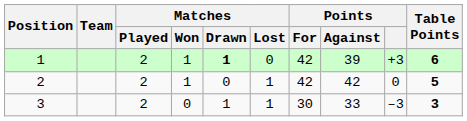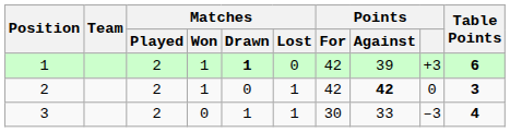 <table class="wikitable" style="text-align:center">
 <tr>
 <th rowspan="2">Position</th>
 <th rowspan="2">Team</th>
 <th colspan="4">Matches</th>
 <th colspan="3">Points</th>
 <th rowspan="2">Table<br>Points</th>
 </tr>
 <tr>
 <th>Played</th>
 <th>Won</th>
 <th>Drawn</th>
 <th>Lost</th>
 <th>For</th>
 <th>Against</th>
 <th></th>
 </tr>
 <tr bgcolor="ccffcc">
 <td>1</td>
 <td align="left"></td>
 <td>2</td>
 <td>1</td>
 <td><strong>1</strong></td>
 <td>0</td>
 <td>42</td>
 <td>39</td>
 <td>+3</td>
 <td><strong>6</strong></td>
 </tr>
 <tr>
 <td>2</td>
 <td align="left"></td>
 <td>2</td>
 <td>1</td>
 <td>0</td>
 <td>1</td>
 <td>42</td>
-<td>42</td>
+<td><strong>42</strong></td>
 <td>0</td>
-<td><strong>5</strong></td>
+<td><strong>3</strong></td>
 </tr>
 <tr>
 <td>3</td>
 <td align="left"></td>
 <td>2</td>
 <td>0</td>
 <td>1</td>
 <td>1</td>
 <td>30</td>
 <td>33</td>
 <td>–3</td>
-<td><strong>3</strong></td>
+<td><strong>4</strong></td>
 </tr>
 </table>
